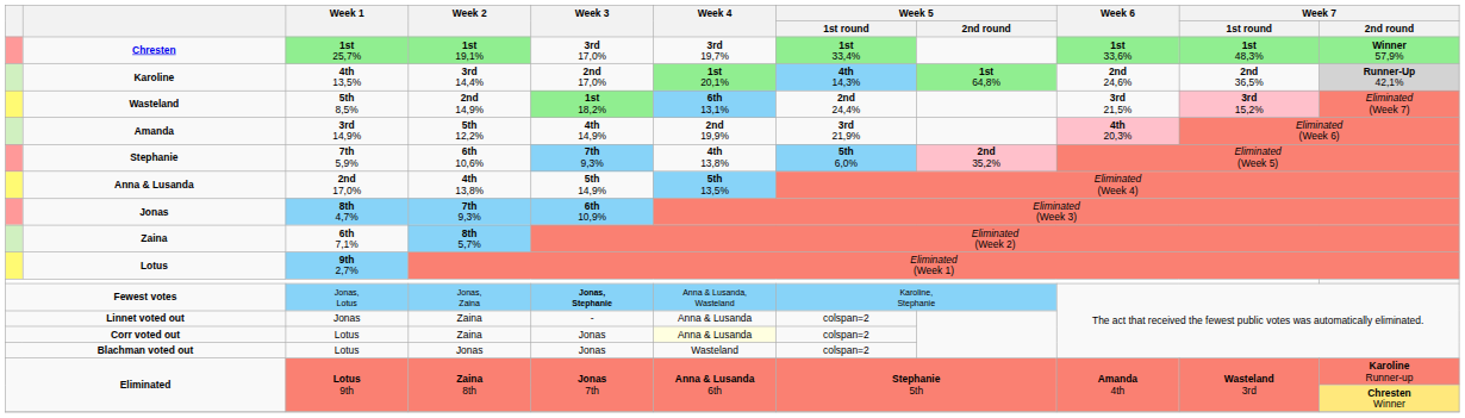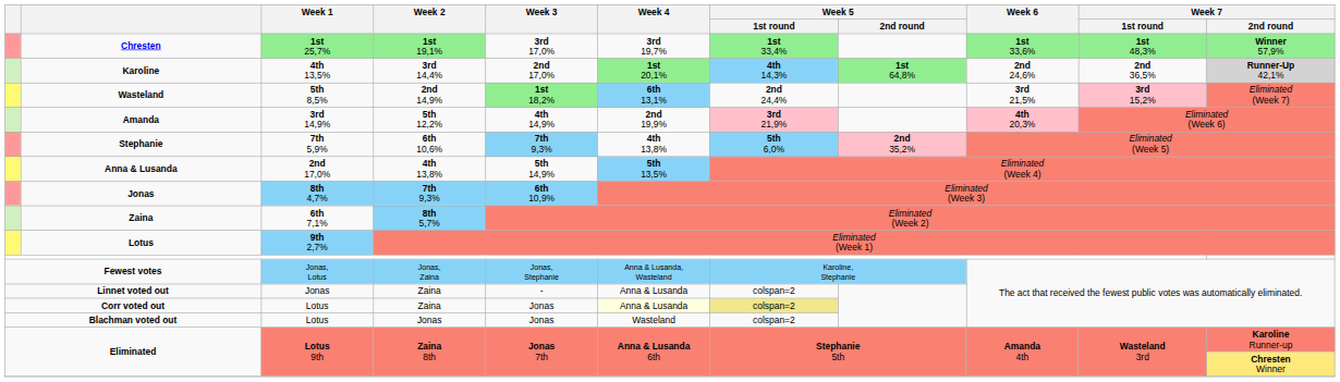 <table class="wikitable" style="text-align:center; font-size:85%">
 <tr>
 <th style="width:1%" rowspan=2></th>
 <th style="width:15%" rowspan=2></th>
 <th style="width:7%" rowspan=2 valign=top>Week 1</th>
 <th style="width:7%" rowspan=2 valign=top>Week 2</th>
 <th style="width:7%" rowspan=2 valign=top>Week 3</th>
 <th style="width:7%" rowspan=2 valign=top>Week 4</th>
 <th colspan=2>Week 5</th>
 <th style="width:7%" rowspan=2 valign=top>Week 6</th>
 <th colspan=2>Week 7</th>
 </tr>
 <tr>
 <th style="width:8%">1st round</th>
 <th style="width:8%">2nd round</th>
 <th style="width:8%">1st round</th>
 <th style="width:8%">2nd round</th>
 </tr>
 <tr>
 <td style="background:#ff9999"></td>
 <td><strong><a href='#'>Chresten</a></strong></td>
 <td bgcolor="lightgreen"><strong>1st</strong><br>25,7%</td>
 <td bgcolor="lightgreen"><strong>1st</strong><br>19,1%</td>
 <td><strong>3rd</strong><br>17,0%</td>
 <td><strong>3rd</strong><br>19,7%</td>
 <td bgcolor="lightgreen"><strong>1st</strong><br>33,4%</td>
 <td></td>
 <td bgcolor="lightgreen"><strong>1st</strong><br>33,6%</td>
 <td bgcolor="lightgreen"><strong>1st</strong><br>48,3%</td>
 <td bgcolor="lightgreen"><strong>Winner</strong><br>57,9%</td>
 </tr>
 <tr>
 <td style="background:#d0f0c0"></td>
 <td><strong>Karoline</strong></td>
 <td><strong>4th</strong><br>13,5%</td>
 <td><strong>3rd</strong><br>14,4%</td>
 <td><strong>2nd</strong><br>17,0%</td>
 <td bgcolor="lightgreen"><strong>1st</strong><br>20,1%</td>
 <td bgcolor="#87D3F8"><strong>4th</strong><br>14,3%</td>
 <td bgcolor="lightgreen"><strong>1st</strong><br>64,8%</td>
 <td><strong>2nd</strong><br>24,6%</td>
 <td><strong>2nd</strong><br>36,5%</td>
 <td bgcolor="lightgrey"><strong>Runner-Up</strong><br>42,1%</td>
 </tr>
 <tr>
 <td style="background:#fffa73"></td>
 <td><strong>Wasteland</strong></td>
 <td><strong>5th</strong><br>8,5%</td>
 <td><strong>2nd</strong><br>14,9%</td>
 <td bgcolor="lightgreen"><strong>1st</strong><br>18,2%</td>
 <td bgcolor="#87D3F8"><strong>6th</strong><br>13,1%</td>
 <td><strong>2nd</strong><br>24,4%</td>
 <td></td>
 <td><strong>3rd</strong><br>21,5%</td>
 <td bgcolor="pink"><strong>3rd</strong><br>15,2%</td>
 <td bgcolor="salmon" colspan=1><em>Eliminated</em><br>(Week 7)</td>
 </tr>
 <tr>
 <td style="background:#d0f0c0"></td>
 <td><strong>Amanda</strong></td>
 <td><strong>3rd</strong><br>14,9%</td>
 <td><strong>5th</strong><br>12,2%</td>
 <td><strong>4th</strong><br>14,9%</td>
 <td><strong>2nd</strong><br>19,9%</td>
-<td><strong>3rd</strong><br>21,9%</td>
+<td style="background: pink;"><strong>3rd</strong><br>21,9%</td>
 <td></td>
 <td bgcolor="pink"><strong>4th</strong><br>20,3%</td>
 <td bgcolor="salmon" colspan=2><em>Eliminated</em><br>(Week 6)</td>
 </tr>
 <tr>
 <td style="background:#ff9999"></td>
 <td><strong>Stephanie</strong></td>
 <td><strong>7th</strong><br>5,9%</td>
 <td><strong>6th</strong><br>10,6%</td>
 <td bgcolor="#87D3F8"><strong>7th</strong><br>9,3%</td>
 <td><strong>4th</strong><br>13,8%</td>
 <td bgcolor="#87D3F8"><strong>5th</strong><br>6,0%</td>
 <td bgcolor="pink"><strong>2nd</strong><br>35,2%</td>
 <td bgcolor="salmon" colspan=3><em>Eliminated</em><br>(Week 5)</td>
 </tr>
 <tr>
 <td style="background:#fffa73"></td>
 <td><strong>Anna & Lusanda</strong></td>
 <td><strong>2nd</strong><br>17,0%</td>
 <td><strong>4th</strong><br>13,8%</td>
 <td><strong>5th</strong><br>14,9%</td>
 <td bgcolor="#87D3F8"><strong>5th</strong><br>13,5%</td>
 <td bgcolor="salmon" colspan=5><em>Eliminated</em><br>(Week 4)</td>
 </tr>
 <tr>
 <td style="background:#ff9999"></td>
 <td><strong>Jonas</strong></td>
 <td bgcolor="#87D3F8"><strong>8th</strong><br>4,7%</td>
 <td bgcolor="#87D3F8"><strong>7th</strong><br>9,3%</td>
 <td bgcolor="#87D3F8"><strong>6th</strong><br>10,9%</td>
 <td bgcolor="salmon" colspan=6><em>Eliminated</em><br>(Week 3)</td>
 </tr>
 <tr>
 <td style="background:#d0f0c0"></td>
 <td><strong>Zaina</strong></td>
 <td><strong>6th</strong><br>7,1%</td>
 <td bgcolor="#87D3F8"><strong>8th</strong><br>5,7%</td>
 <td bgcolor="salmon" colspan=7><em>Eliminated</em><br>(Week 2)</td>
 </tr>
 <tr>
 <td style="background:#fffa73"></td>
 <td><strong>Lotus</strong></td>
 <td bgcolor="#87D3F8"><strong>9th</strong><br>2,7%</td>
 <td bgcolor="salmon" colspan=8><em>Eliminated</em><br>(Week 1)</td>
 </tr>
 <tr>
 <td style="background:#FFFFFF" colspan="10"></td>
 </tr>
 <tr>
 <td colspan=2><strong>Fewest votes</strong></td>
 <td style="background:#87D3F8"><small>Jonas,<br>Lotus</small></td>
 <td style="background:#87D3F8"><small>Jonas,<br>Zaina</small></td>
-<td style="background:#87D3F8"><strong><small>Jonas,<br>Stephanie</small></strong></td>
+<td style="background:#87D3F8"><small>Jonas,<br>Stephanie</small></td>
 <td style="background:#87D3F8"><small>Anna & Lusanda,<br>Wasteland</small></td>
 <td style="background:#87D3F8" colspan=2><small>Karoline,<br>Stephanie</small></td>
 <td colspan=5 rowspan=4>The act that received the fewest public votes was automatically eliminated.</td>
 </tr>
 <tr>
 <td colspan="2"><strong>Linnet voted out</strong></td>
 <td>Jonas</td>
 <td>Zaina</td>
 <td>-</td>
 <td>Anna & Lusanda</td>
 <td>colspan=2 </td>
 </tr>
 <tr>
 <td colspan="2"><strong>Corr voted out</strong></td>
 <td>Lotus</td>
 <td>Zaina</td>
 <td>Jonas</td>
 <td style="background: lightyellow;">Anna & Lusanda</td>
-<td>colspan=2 </td>
+<td style="background: khaki;">colspan=2 </td>
 </tr>
 <tr>
 <td colspan="2"><strong>Blachman voted out</strong></td>
 <td>Lotus</td>
 <td>Jonas</td>
 <td>Jonas</td>
 <td>Wasteland</td>
 <td>colspan=2 </td>
 </tr>
 <tr>
 <td colspan=2 rowspan=2><strong>Eliminated</strong></td>
 <td style="background:#FA8072" rowspan=2><strong>Lotus</strong><br>9th</td>
 <td style="background:#FA8072" rowspan=2><strong>Zaina</strong><br>8th</td>
 <td style="background:#FA8072" rowspan=2><strong>Jonas</strong><br>7th</td>
 <td style="background:#FA8072" rowspan=2><strong>Anna & Lusanda</strong><br>6th</td>
 <td style="background:#FA8072" rowspan=2 colspan=2><strong>Stephanie</strong><br>5th</td>
 <td style="background:#FA8072" rowspan=2><strong>Amanda</strong><br>4th</td>
 <td style="background:#FA8072" rowspan=2><strong>Wasteland</strong><br>3rd</td>
 <td style="background:#FA8072"><strong>Karoline</strong><br>Runner-up</td>
 </tr>
 <tr>
 <td style="background:#FFE87C"><strong>Chresten</strong><br>Winner</td>
 </tr>
 <tr>
 </tr>
 </table>
